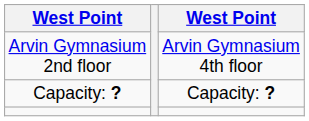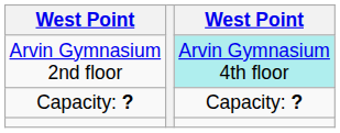 <table class="wikitable" style="text-align:center">
 <tr>
 <th><a href='#'>West Point</a></th>
 <th rowspan=4></th>
 <th><a href='#'>West Point</a></th>
 </tr>
 <tr>
 <td><a href='#'>Arvin Gymnasium</a><br>2nd floor</td>
-<td><a href='#'>Arvin Gymnasium</a><br>4th floor</td>
+<td style="background: paleturquoise;"><a href='#'>Arvin Gymnasium</a><br>4th floor</td>
 </tr>
 <tr>
 <td>Capacity: <strong>?</strong></td>
 <td>Capacity: <strong>?</strong></td>
 </tr>
 <tr>
 <td></td>
 <td></td>
 </tr>
 </table>
